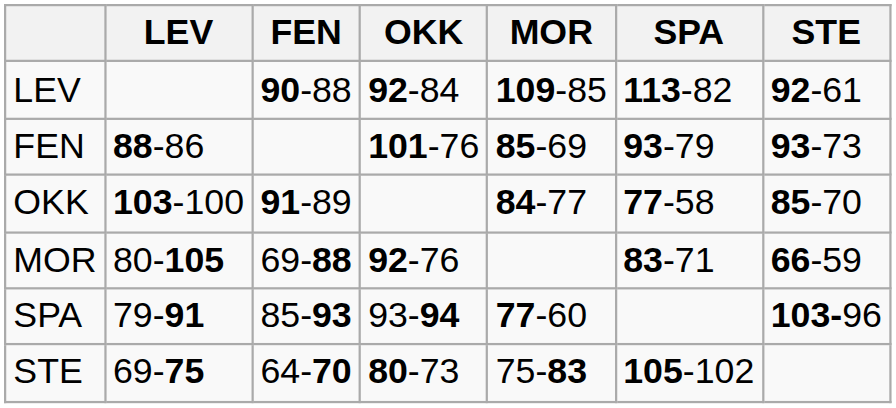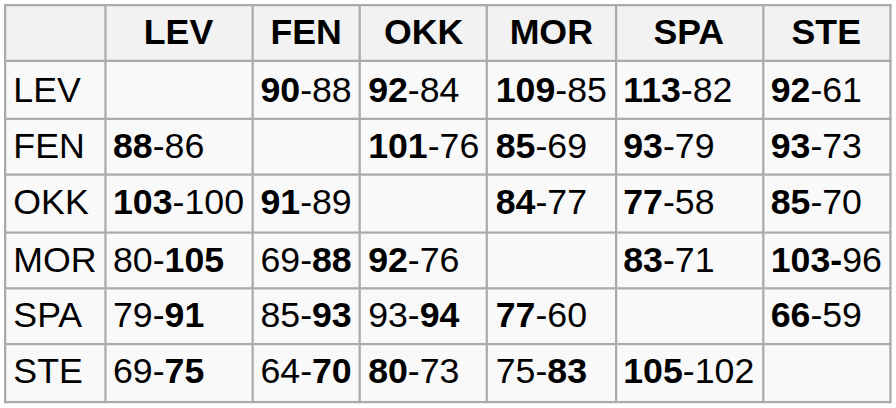 <table class="wikitable">
 <tr>
 <th></th>
 <th> LEV</th>
 <th> FEN</th>
 <th> OKK</th>
 <th> MOR</th>
 <th> SPA</th>
 <th> STE</th>
 </tr>
 <tr>
 <td> LEV</td>
 <td></td>
 <td><strong>90</strong>-88</td>
 <td><strong>92</strong>-84</td>
 <td><strong>109</strong>-85</td>
 <td><strong>113</strong>-82</td>
 <td><strong>92</strong>-61</td>
 </tr>
 <tr>
 <td> FEN</td>
 <td><strong>88</strong>-86</td>
 <td></td>
 <td><strong>101</strong>-76</td>
 <td><strong>85</strong>-69</td>
 <td><strong>93</strong>-79</td>
 <td><strong>93</strong>-73</td>
 </tr>
 <tr>
 <td> OKK</td>
 <td><strong>103</strong>-100</td>
 <td><strong>91</strong>-89</td>
 <td></td>
 <td><strong>84</strong>-77</td>
 <td><strong>77</strong>-58</td>
 <td><strong>85</strong>-70</td>
 </tr>
 <tr>
 <td> MOR</td>
 <td>80-<strong>105</strong></td>
 <td>69-<strong>88</strong></td>
 <td><strong>92</strong>-76</td>
 <td></td>
 <td><strong>83</strong>-71</td>
-<td><strong>66</strong>-59</td>
+<td><strong>103-</strong>96</td>
 </tr>
 <tr>
 <td> SPA</td>
 <td>79-<strong>91</strong></td>
 <td>85-<strong>93</strong></td>
 <td>93-<strong>94</strong></td>
 <td><strong>77</strong>-60</td>
 <td></td>
-<td><strong>103-</strong>96</td>
+<td><strong>66</strong>-59</td>
 </tr>
 <tr>
 <td> STE</td>
 <td>69-<strong>75</strong></td>
 <td>64-<strong>70</strong></td>
 <td><strong>80</strong>-73</td>
 <td>75-<strong>83</strong></td>
 <td><strong>105</strong>-102</td>
 <td></td>
 </tr>
 </table>
